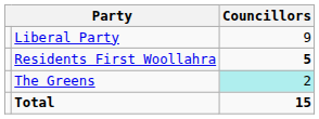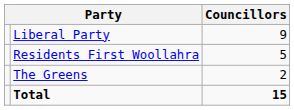 <table class="wikitable">
 <tr>
 <th colspan="2">Party</th>
 <th>Councillors</th>
 </tr>
 <tr>
 <td></td>
 <td><a href='#'>Liberal Party</a></td>
 <td align=right>9</td>
 </tr>
 <tr>
 <td></td>
 <td><a href='#'>Residents First Woollahra</a></td>
-<td align=right><strong>5</strong></td>
+<td align=right>5</td>
 </tr>
 <tr>
 <td></td>
 <td><a href='#'>The Greens</a></td>
-<td align=right style="background: paleturquoise;">2</td>
+<td align=right>2</td>
 </tr>
 <tr>
 <td></td>
 <td><strong>Total</strong></td>
 <td align=right><strong>15</strong></td>
 </tr>
 </table>
